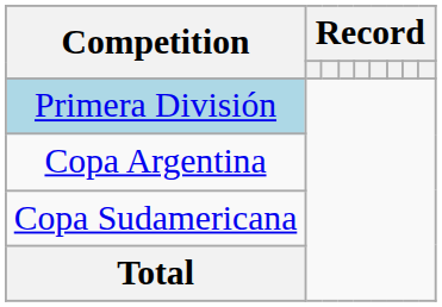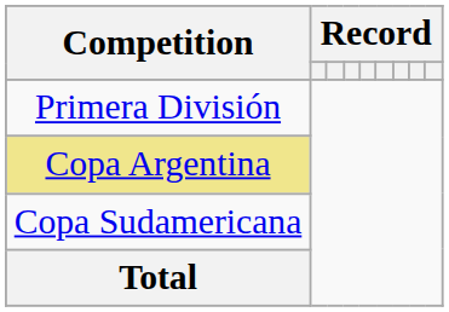 <table class="wikitable" style="text-align: center">
 <tr>
 <th rowspan=2>Competition</th>
 <th colspan=8>Record</th>
 </tr>
 <tr>
 <th></th>
 <th></th>
 <th></th>
 <th></th>
 <th></th>
 <th></th>
 <th></th>
 <th></th>
 </tr>
 <tr>
-<td style="background: lightblue;"><a href='#'>Primera División</a><br></td>
+<td><a href='#'>Primera División</a><br></td>
 </tr>
 <tr>
-<td><a href='#'>Copa Argentina</a><br></td>
+<td style="background: khaki;"><a href='#'>Copa Argentina</a><br></td>
 </tr>
 <tr>
 <td><a href='#'>Copa Sudamericana</a><br></td>
 </tr>
 <tr>
 <th>Total<br></th>
 </tr>
 </table>
